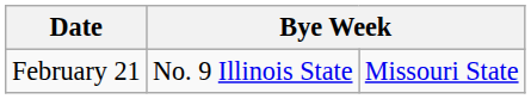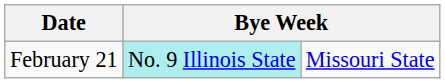 <table class="wikitable" style="font-size:95%;">
 <tr>
 <th>Date</th>
 <th colspan="2">Bye Week</th>
 </tr>
 <tr>
 <td>February 21</td>
-<td>No. 9 <a href='#'>Illinois State</a></td>
+<td style="background: paleturquoise;">No. 9 <a href='#'>Illinois State</a></td>
 <td><a href='#'>Missouri State</a></td>
 </tr>
 </table>
